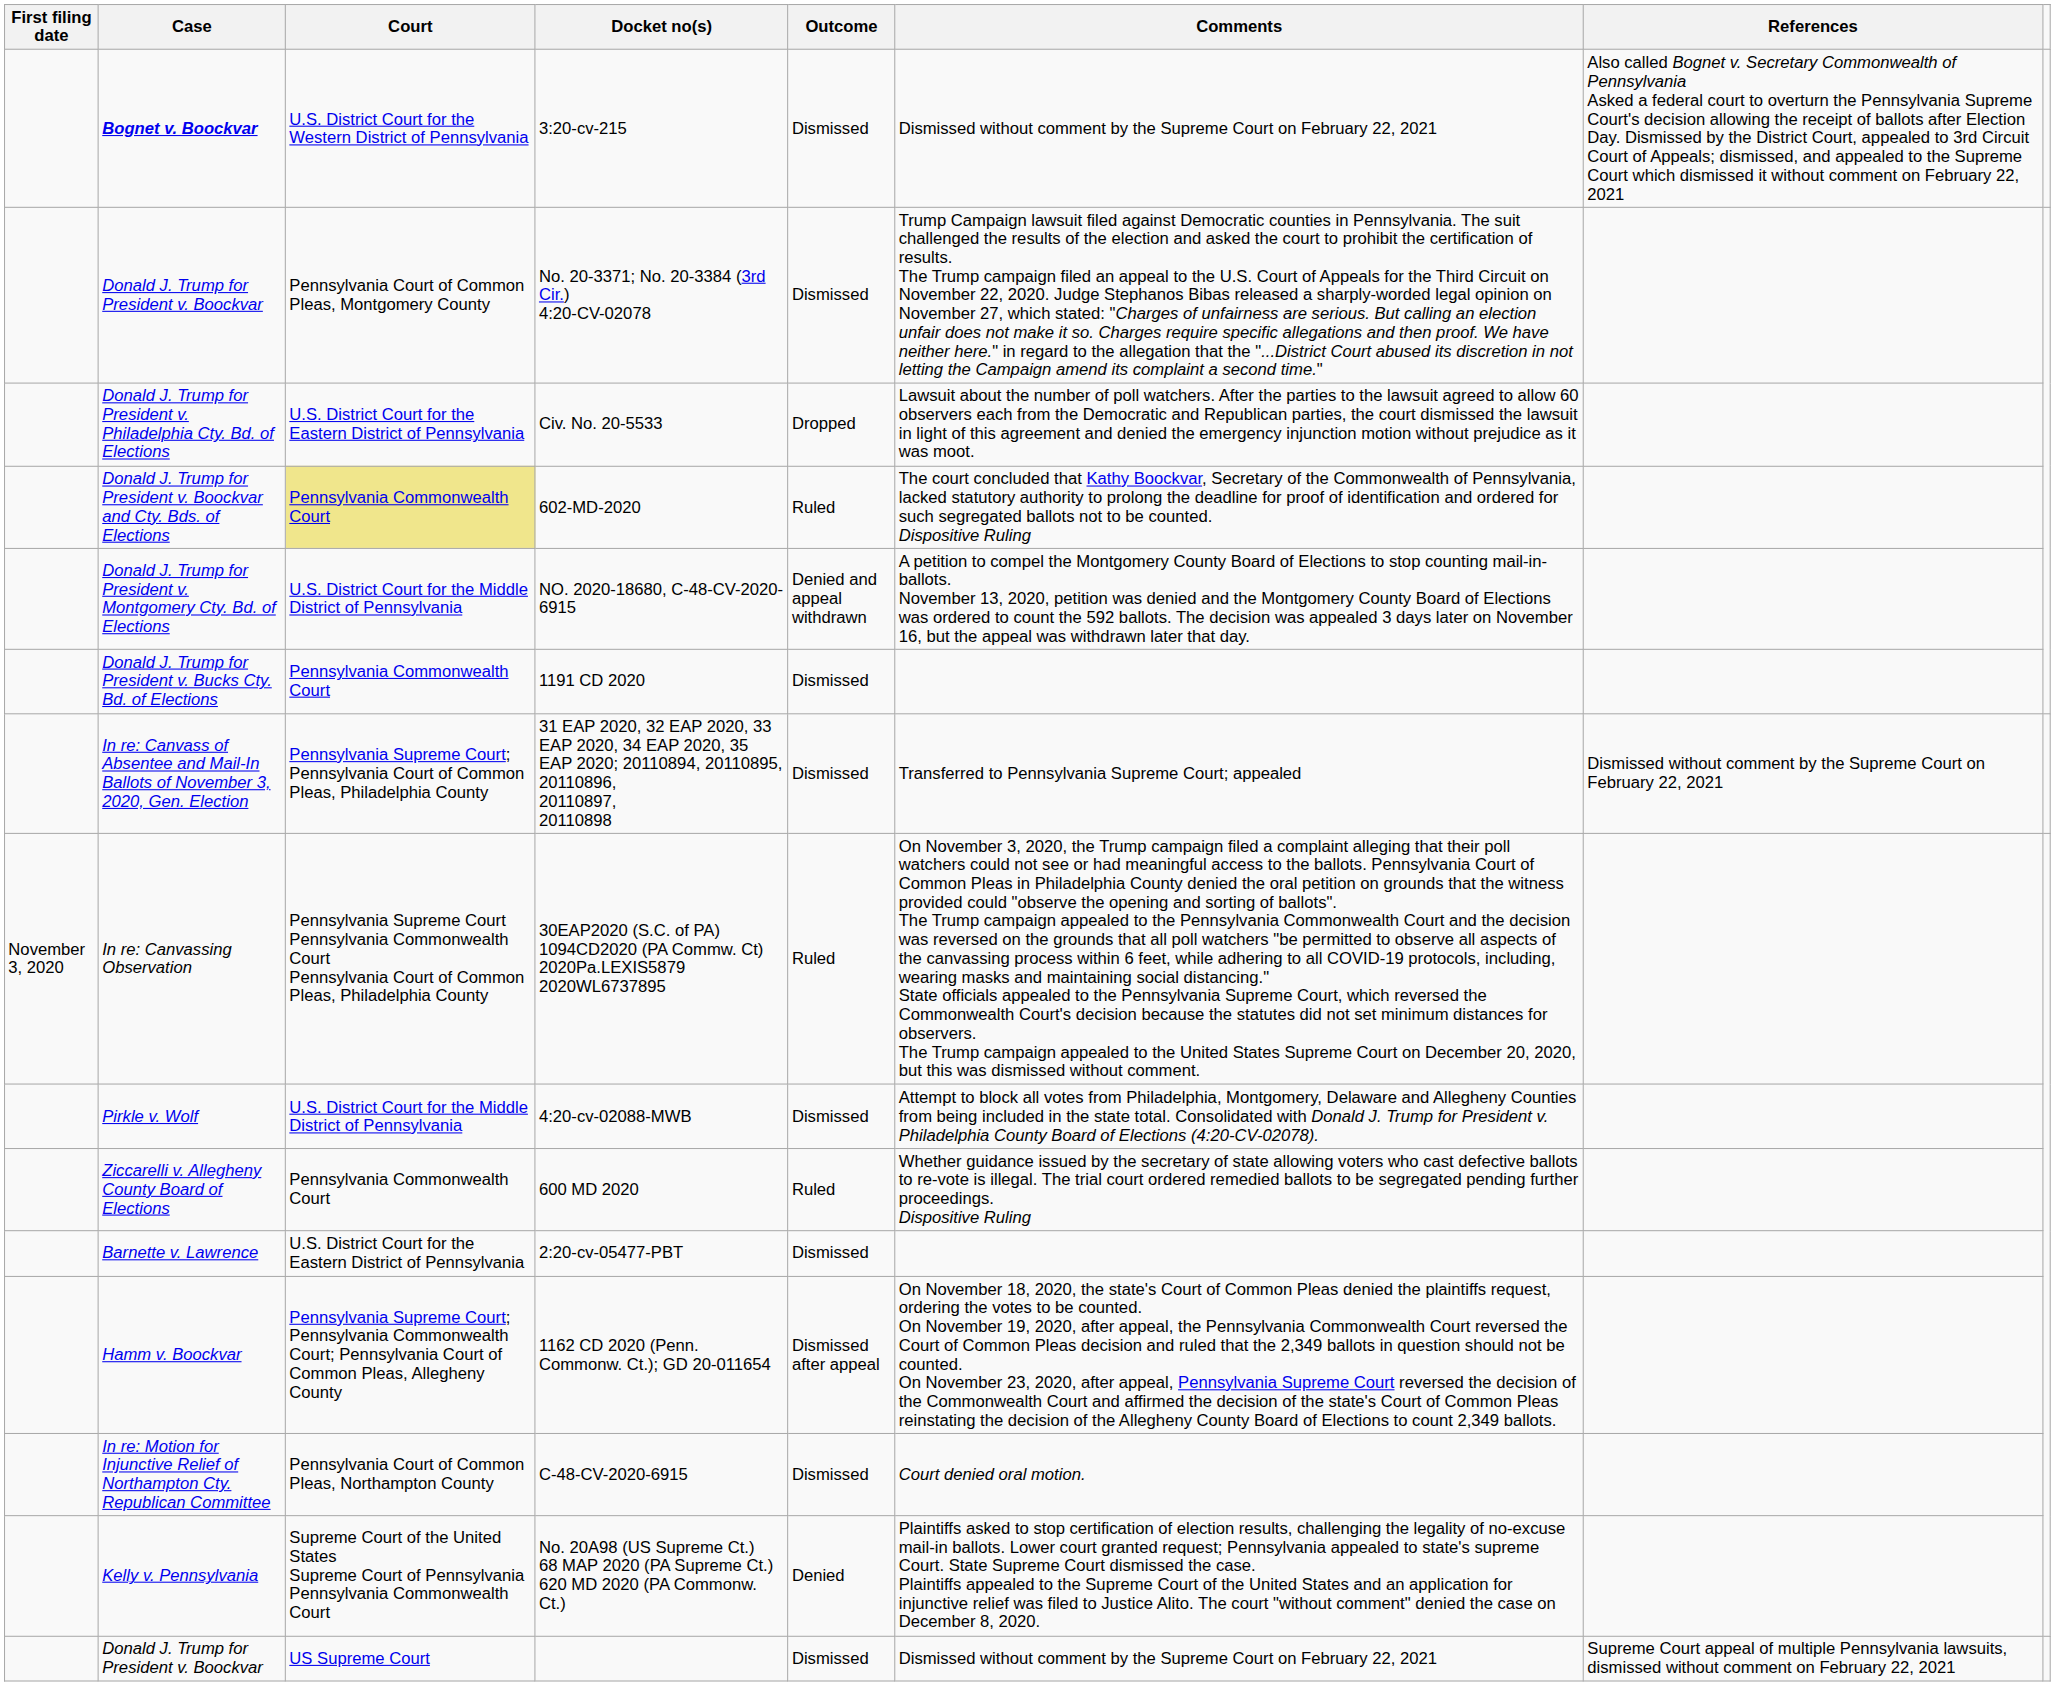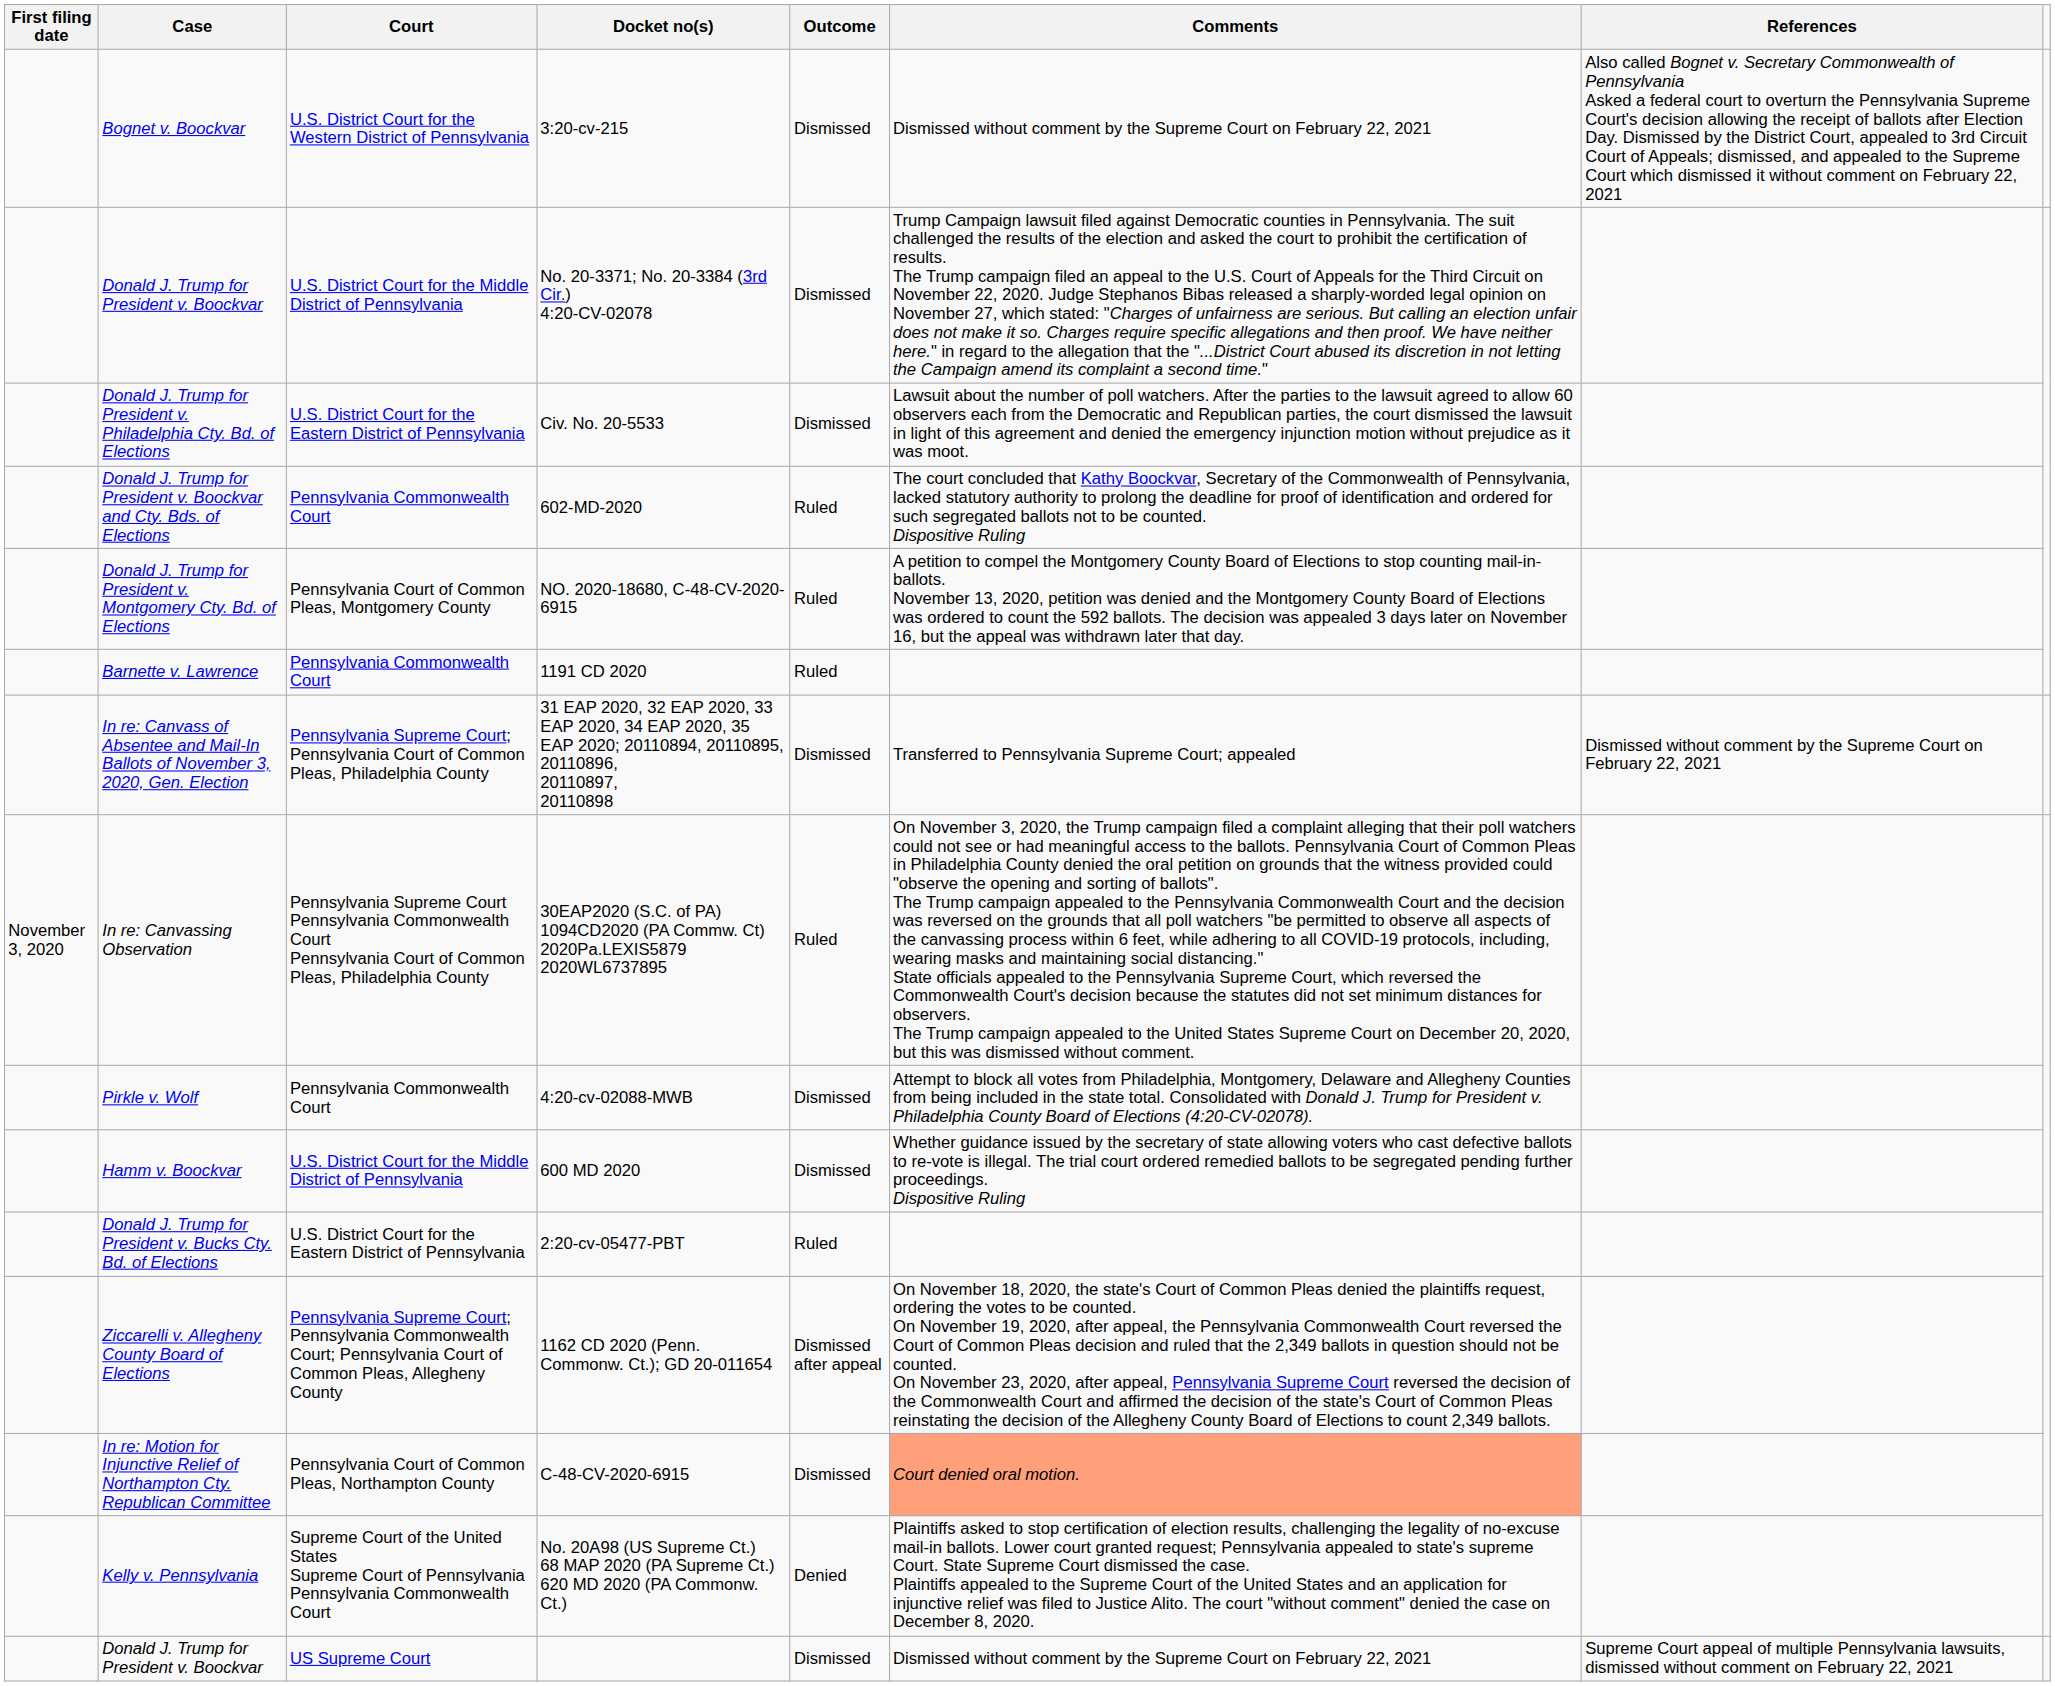 <table class="wikitable sortable mw-collapsible">
 <tr>
 <th>First filing date</th>
 <th>Case</th>
 <th>Court</th>
 <th>Docket no(s)</th>
 <th>Outcome</th>
 <th>Comments</th>
 <th>References</th>
 </tr>
 <tr>
 <td></td>
-<td><strong><em><a href='#'>Bognet v. Boockvar</a></em></strong></td>
+<td><em><a href='#'>Bognet v. Boockvar</a></em></td>
 <td><a href='#'>U.S. District Court for the Western District of Pennsylvania</a></td>
 <td>3:20-cv-215</td>
 <td>Dismissed</td>
 <td>Dismissed without comment by the Supreme Court on February 22, 2021</td>
 <td>Also called <em>Bognet v. Secretary Commonwealth of Pennsylvania</em><br>Asked a federal court to overturn the Pennsylvania Supreme Court's decision allowing the receipt of ballots after Election Day. Dismissed by the District Court, appealed to 3rd Circuit Court of Appeals; dismissed, and appealed to the Supreme Court which dismissed it without comment on February 22, 2021</td>
 <td></td>
 </tr>
 <tr>
 <td></td>
 <td><em><a href='#'>Donald J. Trump for President v. Boockvar</a></em></td>
-<td>Pennsylvania Court of Common Pleas, Montgomery County</td>
+<td><a href='#'>U.S. District Court for the Middle District of Pennsylvania</a></td>
 <td>No. 20-3371; No. 20-3384   (<a href='#'>3rd Cir.</a>)<br>4:20-CV-02078</td>
 <td>Dismissed</td>
 <td>Trump Campaign lawsuit filed against Democratic counties in Pennsylvania. The suit challenged the results of the election and asked the court to prohibit the certification of results.<br>The Trump campaign filed an appeal to the U.S. Court of Appeals for the Third Circuit on November 22, 2020. Judge Stephanos Bibas released a sharply-worded legal opinion on November 27, which stated: "<em>Charges of unfairness are serious. But calling an election unfair does not make it so. Charges require specific allegations and then proof. We have neither here.</em>" in regard to the allegation that the "<em>...District Court abused its discretion in not letting the Campaign amend its complaint a second time.</em>"</td>
 <td></td>
 </tr>
 <tr>
 <td></td>
 <td><em><a href='#'>Donald J. Trump for President v. Philadelphia Cty. Bd. of Elections</a></em></td>
 <td><a href='#'>U.S. District Court for the Eastern District of Pennsylvania</a></td>
 <td>Civ. No. 20-5533</td>
-<td>Dropped</td>
+<td>Dismissed</td>
 <td>Lawsuit about the number of poll watchers. After the parties to the lawsuit agreed to allow 60 observers each from the Democratic and Republican parties, the court dismissed the lawsuit in light of this agreement and denied the emergency injunction motion without prejudice as it was moot.</td>
 <td></td>
 </tr>
 <tr>
 <td></td>
 <td><em><a href='#'>Donald J. Trump for President v. Boockvar and Cty. Bds. of Elections</a></em></td>
-<td style="background: khaki;"><a href='#'>Pennsylvania Commonwealth Court</a></td>
+<td><a href='#'>Pennsylvania Commonwealth Court</a></td>
 <td>602-MD-2020</td>
 <td>Ruled</td>
 <td>The court concluded that <a href='#'>Kathy Boockvar</a>, Secretary of the Commonwealth of Pennsylvania, lacked statutory authority to prolong the deadline for proof of identification and ordered for such segregated ballots not to be counted.<br><em>Dispositive Ruling</em></td>
 <td></td>
 </tr>
 <tr>
 <td></td>
 <td><em><a href='#'>Donald J. Trump for President v. Montgomery Cty. Bd. of Elections</a></em></td>
-<td><a href='#'>U.S. District Court for the Middle District of Pennsylvania</a></td>
+<td>Pennsylvania Court of Common Pleas, Montgomery County</td>
 <td>NO. 2020-18680, C-48-CV-2020-6915</td>
-<td>Denied and appeal withdrawn</td>
+<td>Ruled</td>
 <td>A petition to compel the Montgomery County Board of Elections to stop counting mail-in-ballots.<br>November 13, 2020, petition was denied and the Montgomery County Board of Elections was ordered to count the 592 ballots. The decision was appealed 3 days later on November 16, but the appeal was withdrawn later that day.</td>
 <td></td>
 </tr>
 <tr>
 <td></td>
-<td><em><a href='#'>Donald J. Trump for President v. Bucks Cty. Bd. of Elections</a></em></td>
+<td><em><a href='#'>Barnette v. Lawrence</a></em></td>
 <td><a href='#'>Pennsylvania Commonwealth Court</a></td>
 <td>1191 CD 2020</td>
-<td>Dismissed</td>
+<td>Ruled</td>
 <td></td>
 <td></td>
 </tr>
 <tr>
 <td></td>
 <td><em><a href='#'>In re: Canvass of Absentee and Mail-In Ballots of November 3, 2020, Gen. Election</a></em></td>
 <td><a href='#'>Pennsylvania Supreme Court</a>; Pennsylvania Court of Common Pleas, Philadelphia County</td>
 <td>31 EAP 2020, 32 EAP 2020, 33 EAP 2020, 34 EAP 2020, 35 EAP 2020; 20110894, 20110895, 20110896,<br>20110897,<br>20110898</td>
 <td>Dismissed</td>
 <td>Transferred to Pennsylvania Supreme Court; appealed</td>
 <td>Dismissed without comment by the Supreme Court on February 22, 2021</td>
 <td></td>
 </tr>
 <tr>
 <td>November 3, 2020</td>
 <td><em>In re: Canvassing Observation</em></td>
 <td>Pennsylvania Supreme Court<br>Pennsylvania Commonwealth Court<br> Pennsylvania Court of Common Pleas, Philadelphia County</td>
 <td>30EAP2020 (S.C. of PA)<br>1094CD2020 (PA Commw. Ct)<br> 2020Pa.LEXIS5879<br> 2020WL6737895</td>
 <td>Ruled</td>
 <td>On November 3, 2020, the Trump campaign filed a complaint alleging that their poll watchers could not see or had meaningful access to the ballots.  Pennsylvania Court of Common Pleas in Philadelphia County denied the oral petition on grounds that the witness provided could "observe the opening and sorting of ballots".<br>The Trump campaign appealed to the Pennsylvania Commonwealth Court and the decision was reversed on the grounds that all poll watchers "be permitted to observe all aspects of the canvassing process within 6 feet, while adhering to all COVID-19 protocols, including, wearing masks and maintaining social distancing."<br>State officials appealed to the Pennsylvania Supreme Court, which reversed the Commonwealth Court's decision because the statutes did not set minimum distances for observers.<br>The Trump campaign appealed to the United States Supreme Court on December 20, 2020, but this was dismissed without comment.</td>
 <td></td>
 </tr>
 <tr>
 <td></td>
 <td><em><a href='#'>Pirkle v. Wolf</a></em></td>
-<td><a href='#'>U.S. District Court for the Middle District of Pennsylvania</a></td>
+<td>Pennsylvania Commonwealth Court</td>
 <td>4:20-cv-02088-MWB</td>
 <td>Dismissed</td>
 <td>Attempt to block all votes from Philadelphia, Montgomery, Delaware and Allegheny Counties from being included in the state total. Consolidated with <em>Donald J. Trump for President v. Philadelphia County Board of Elections (4:20-CV-02078).</em></td>
 <td></td>
 </tr>
 <tr>
 <td></td>
-<td><em><a href='#'>Ziccarelli v. Allegheny County Board of Elections</a></em></td>
-<td>Pennsylvania Commonwealth Court</td>
+<td><em><a href='#'>Hamm v. Boockvar</a></em></td>
+<td><a href='#'>U.S. District Court for the Middle District of Pennsylvania</a></td>
 <td>600 MD 2020</td>
-<td>Ruled</td>
+<td>Dismissed</td>
 <td>Whether guidance issued by the secretary of state allowing voters who cast defective ballots to re-vote is illegal. The trial court ordered remedied ballots to be segregated pending further proceedings.<br><em>Dispositive Ruling</em></td>
 <td></td>
 </tr>
 <tr>
 <td></td>
-<td><em><a href='#'>Barnette v. Lawrence</a></em></td>
+<td><em><a href='#'>Donald J. Trump for President v. Bucks Cty. Bd. of Elections</a></em></td>
 <td>U.S. District Court for the Eastern District of Pennsylvania</td>
 <td>2:20-cv-05477-PBT</td>
-<td>Dismissed</td>
+<td>Ruled</td>
 <td></td>
 <td></td>
 </tr>
 <tr>
 <td></td>
-<td><em><a href='#'>Hamm v. Boockvar</a></em></td>
+<td><em><a href='#'>Ziccarelli v. Allegheny County Board of Elections</a></em></td>
 <td><a href='#'>Pennsylvania Supreme Court</a>; Pennsylvania Commonwealth Court; Pennsylvania Court of Common Pleas, Allegheny County</td>
 <td>1162 CD 2020 (Penn. Commonw. Ct.); GD 20-011654</td>
 <td>Dismissed after appeal</td>
 <td>On November 18, 2020, the state's Court of Common Pleas denied the plaintiffs request, ordering the votes to be counted.<br>On November 19, 2020, after appeal, the Pennsylvania Commonwealth Court reversed the Court of Common Pleas decision and ruled that the 2,349 ballots in question should not be counted.<br>On November 23, 2020, after appeal, <a href='#'>Pennsylvania Supreme Court</a> reversed the decision of the Commonwealth Court and affirmed the decision of the state's Court of Common Pleas reinstating the decision of the Allegheny County Board of Elections to count 2,349 ballots.</td>
 <td></td>
 </tr>
 <tr>
 <td></td>
 <td><em><a href='#'>In re: Motion for Injunctive Relief of Northampton Cty. Republican Committee</a></em></td>
 <td>Pennsylvania Court of Common Pleas, Northampton County</td>
 <td>C-48-CV-2020-6915</td>
 <td>Dismissed</td>
-<td><em>Court denied oral motion.</em></td>
+<td style="background: lightsalmon;"><em>Court denied oral motion.</em></td>
 <td></td>
 </tr>
 <tr>
 <td></td>
 <td><em><a href='#'>Kelly v. Pennsylvania</a></em></td>
 <td>Supreme Court of the United States<br>Supreme Court of Pennsylvania Pennsylvania Commonwealth Court</td>
 <td>No. 20A98 (US Supreme Ct.)<br>68 MAP 2020 (PA Supreme Ct.) 620 MD 2020 (PA Commonw. Ct.)</td>
 <td>Denied</td>
 <td>Plaintiffs asked to stop certification of election results, challenging the legality of no-excuse mail-in ballots. Lower court granted request; Pennsylvania appealed to state's supreme Court. State Supreme Court dismissed the case.<br>Plaintiffs appealed to the Supreme Court of the United States and an application for injunctive relief was filed to Justice Alito. The court "without comment" denied the case on December 8, 2020.</td>
 <td></td>
 </tr>
 <tr>
 <td></td>
 <td><em>Donald J. Trump for President v. Boockvar</em></td>
 <td><a href='#'>US Supreme Court</a></td>
 <td></td>
 <td>Dismissed</td>
 <td>Dismissed without comment by the Supreme Court on February 22, 2021</td>
 <td>Supreme Court appeal of multiple Pennsylvania lawsuits, dismissed without comment on February 22, 2021</td>
 <td></td>
 </tr>
 </table>
